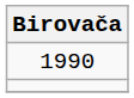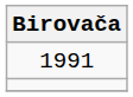 <table class="wikitable" style="margin: 0.5em auto; text-align: center;">
 <tr>
 <th colspan="1">Birovača</th>
 </tr>
 <tr>
-<td>1990</td>
+<td>1991</td>
 </tr>
 <tr>
 <td></td>
 </tr>
 <tr>
 </tr>
 </table>
